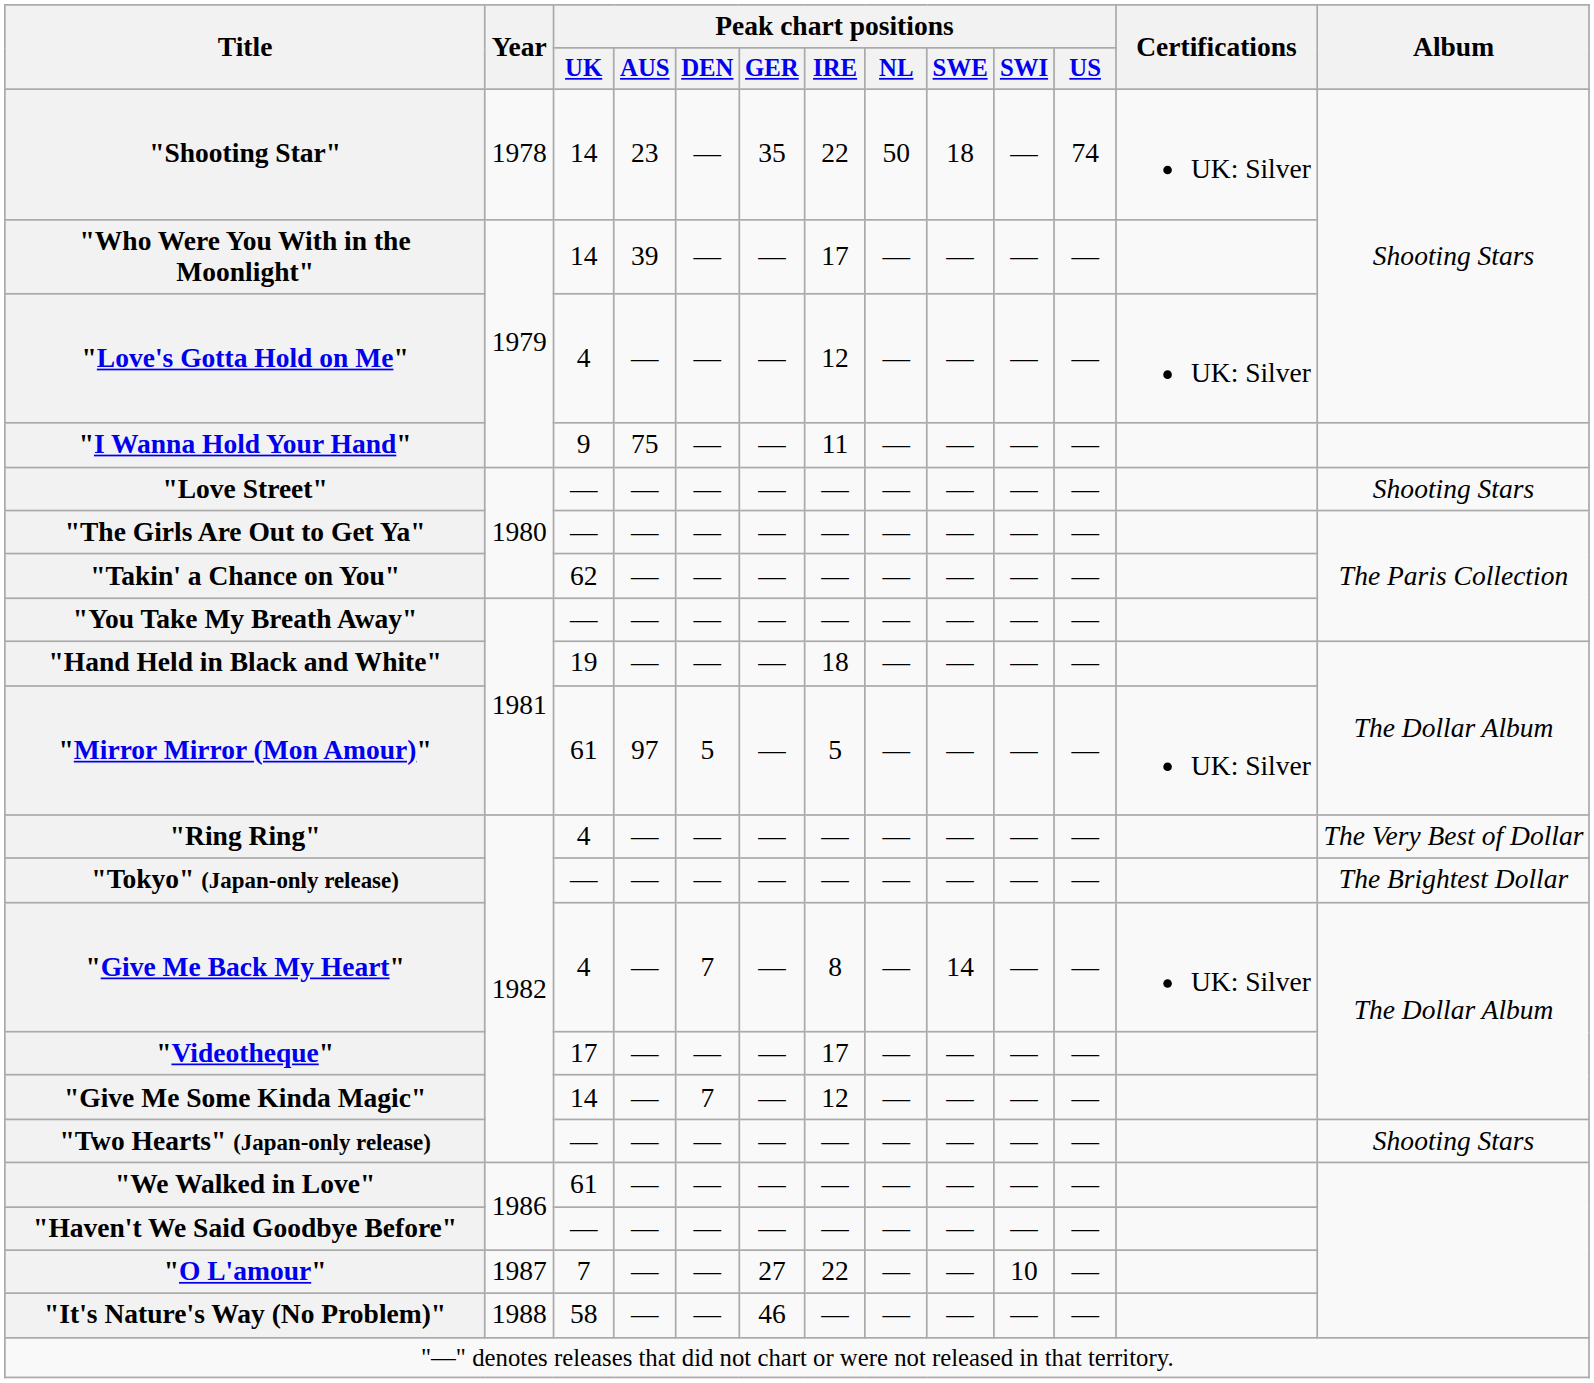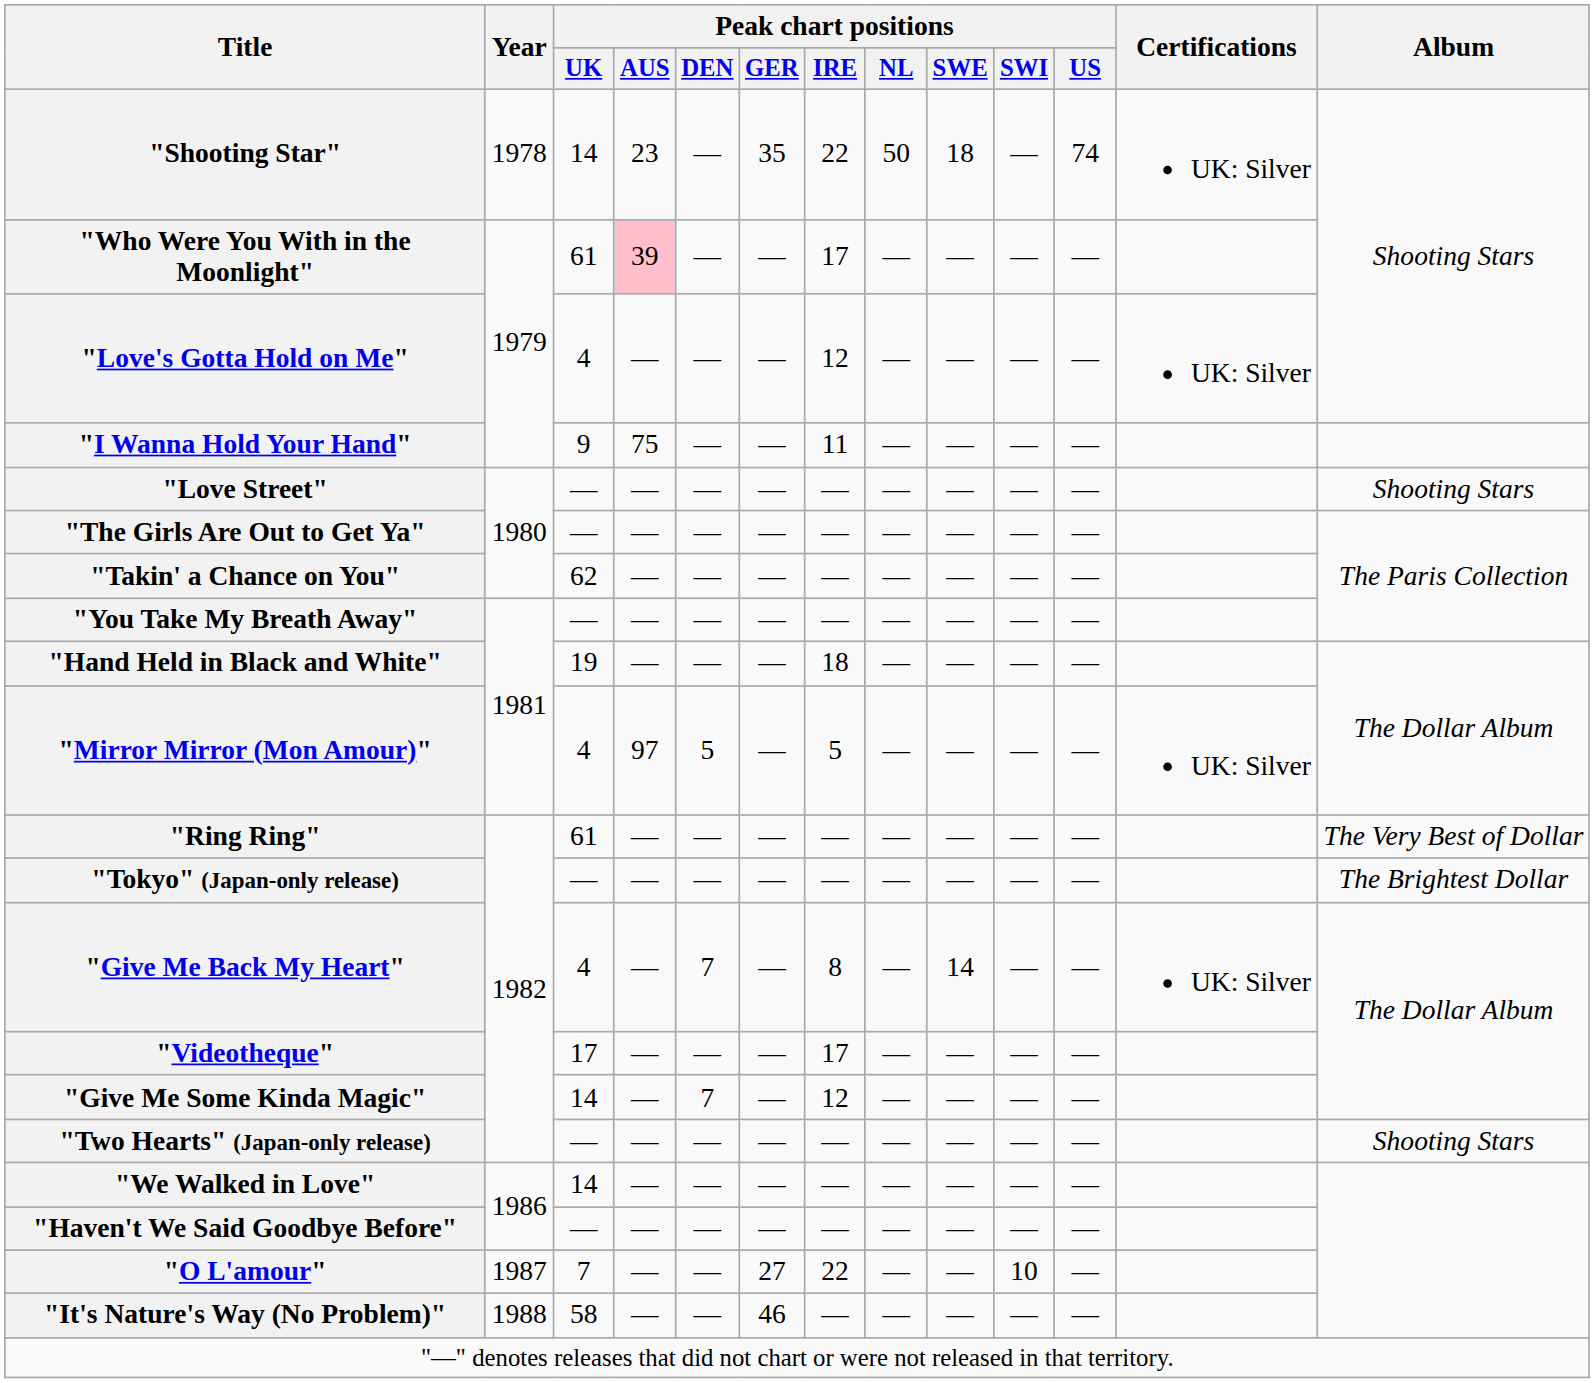 <table class="wikitable plainrowheaders" style="text-align:center;">
 <tr>
 <th rowspan="2" scope="col" style="width:17em;">Title</th>
 <th rowspan="2" scope="col" style="width:2em;">Year</th>
 <th colspan="9">Peak chart positions</th>
 <th rowspan="2">Certifications</th>
 <th rowspan="2">Album</th>
 </tr>
 <tr>
 <th scope="col" style="width:2em;font-size:90%;"><a href='#'>UK</a><br></th>
 <th scope="col" style="width:2em;font-size:90%;"><a href='#'>AUS</a><br></th>
 <th scope="col" style="width:2em;font-size:90%;"><a href='#'>DEN</a><br></th>
 <th scope="col" style="width:2em;font-size:90%;"><a href='#'>GER</a><br></th>
 <th scope="col" style="width:2em;font-size:90%;"><a href='#'>IRE</a><br></th>
 <th scope="col" style="width:2em;font-size:90%;"><a href='#'>NL</a><br></th>
 <th scope="col" style="width:2em;font-size:90%;"><a href='#'>SWE</a><br></th>
 <th scope="col" style="width:2em;font-size:90%;"><a href='#'>SWI</a><br></th>
 <th scope="col" style="width:2em;font-size:90%;"><a href='#'>US</a><br></th>
 </tr>
 <tr>
 <th scope="row">"Shooting Star"</th>
 <td>1978</td>
 <td>14</td>
 <td>23</td>
 <td>—</td>
 <td>35</td>
 <td>22</td>
 <td>50</td>
 <td>18</td>
 <td>—</td>
 <td>74</td>
 <td><br><ul><li>UK: Silver</li></ul></td>
 <td rowspan="3"><em>Shooting Stars</em></td>
 </tr>
 <tr>
 <th scope="row">"Who Were You With in the Moonlight"</th>
 <td rowspan="3">1979</td>
-<td>14</td>
-<td>39</td>
+<td>61</td>
+<td style="background: pink;">39</td>
 <td>—</td>
 <td>—</td>
 <td>17</td>
 <td>—</td>
 <td>—</td>
 <td>—</td>
 <td>—</td>
 <td></td>
 </tr>
 <tr>
 <th scope="row">"<a href='#'>Love's Gotta Hold on Me</a>"</th>
 <td>4</td>
 <td>—</td>
 <td>—</td>
 <td>—</td>
 <td>12</td>
 <td>—</td>
 <td>—</td>
 <td>—</td>
 <td>—</td>
 <td><br><ul><li>UK: Silver</li></ul></td>
 </tr>
 <tr>
 <th scope="row">"<a href='#'>I Wanna Hold Your Hand</a>"</th>
 <td>9</td>
 <td>75</td>
 <td>—</td>
 <td>—</td>
 <td>11</td>
 <td>—</td>
 <td>—</td>
 <td>—</td>
 <td>—</td>
 <td></td>
 <td></td>
 </tr>
 <tr>
 <th scope="row">"Love Street"</th>
 <td rowspan="3">1980</td>
 <td>—</td>
 <td>—</td>
 <td>—</td>
 <td>—</td>
 <td>—</td>
 <td>—</td>
 <td>—</td>
 <td>—</td>
 <td>—</td>
 <td></td>
 <td><em>Shooting Stars</em></td>
 </tr>
 <tr>
 <th scope="row">"The Girls Are Out to Get Ya"</th>
 <td>—</td>
 <td>—</td>
 <td>—</td>
 <td>—</td>
 <td>—</td>
 <td>—</td>
 <td>—</td>
 <td>—</td>
 <td>—</td>
 <td></td>
 <td rowspan="3"><em>The Paris Collection</em></td>
 </tr>
 <tr>
 <th scope="row">"Takin' a Chance on You"</th>
 <td>62</td>
 <td>—</td>
 <td>—</td>
 <td>—</td>
 <td>—</td>
 <td>—</td>
 <td>—</td>
 <td>—</td>
 <td>—</td>
 <td></td>
 </tr>
 <tr>
 <th scope="row">"You Take My Breath Away"</th>
 <td rowspan="3">1981</td>
 <td>—</td>
 <td>—</td>
 <td>—</td>
 <td>—</td>
 <td>—</td>
 <td>—</td>
 <td>—</td>
 <td>—</td>
 <td>—</td>
 <td></td>
 </tr>
 <tr>
 <th scope="row">"Hand Held in Black and White"</th>
 <td>19</td>
 <td>—</td>
 <td>—</td>
 <td>—</td>
 <td>18</td>
 <td>—</td>
 <td>—</td>
 <td>—</td>
 <td>—</td>
 <td></td>
 <td rowspan="2"><em>The Dollar Album</em></td>
 </tr>
 <tr>
 <th scope="row">"<a href='#'>Mirror Mirror (Mon Amour)</a>"</th>
-<td>61</td>
+<td>4</td>
 <td>97</td>
 <td>5</td>
 <td>—</td>
 <td>5</td>
 <td>—</td>
 <td>—</td>
 <td>—</td>
 <td>—</td>
 <td><br><ul><li>UK: Silver</li></ul></td>
 </tr>
 <tr>
 <th scope="row">"Ring Ring"</th>
 <td rowspan="6">1982</td>
-<td>4</td>
+<td>61</td>
 <td>—</td>
 <td>—</td>
 <td>—</td>
 <td>—</td>
 <td>—</td>
 <td>—</td>
 <td>—</td>
 <td>—</td>
 <td></td>
 <td><em>The Very Best of Dollar</em></td>
 </tr>
 <tr>
 <th scope="row">"Tokyo" <small>(Japan-only release)</small></th>
 <td>—</td>
 <td>—</td>
 <td>—</td>
 <td>—</td>
 <td>—</td>
 <td>—</td>
 <td>—</td>
 <td>—</td>
 <td>—</td>
 <td></td>
 <td><em>The Brightest Dollar</em></td>
 </tr>
 <tr>
 <th scope="row">"<a href='#'>Give Me Back My Heart</a>"</th>
 <td>4</td>
 <td>—</td>
 <td>7</td>
 <td>—</td>
 <td>8</td>
 <td>—</td>
 <td>14</td>
 <td>—</td>
 <td>—</td>
 <td><br><ul><li>UK: Silver</li></ul></td>
 <td rowspan="3"><em>The Dollar Album</em></td>
 </tr>
 <tr>
 <th scope="row">"<a href='#'>Videotheque</a>"</th>
 <td>17</td>
 <td>—</td>
 <td>—</td>
 <td>—</td>
 <td>17</td>
 <td>—</td>
 <td>—</td>
 <td>—</td>
 <td>—</td>
 <td></td>
 </tr>
 <tr>
 <th scope="row">"Give Me Some Kinda Magic"</th>
 <td>14</td>
 <td>—</td>
 <td>7</td>
 <td>—</td>
 <td>12</td>
 <td>—</td>
 <td>—</td>
 <td>—</td>
 <td>—</td>
 <td></td>
 </tr>
 <tr>
 <th scope="row">"Two Hearts" <small>(Japan-only release)</small></th>
 <td>—</td>
 <td>—</td>
 <td>—</td>
 <td>—</td>
 <td>—</td>
 <td>—</td>
 <td>—</td>
 <td>—</td>
 <td>—</td>
 <td></td>
 <td><em>Shooting Stars</em></td>
 </tr>
 <tr>
 <th scope="row">"We Walked in Love"</th>
 <td rowspan="2">1986</td>
-<td>61</td>
+<td>14</td>
 <td>—</td>
 <td>—</td>
 <td>—</td>
 <td>—</td>
 <td>—</td>
 <td>—</td>
 <td>—</td>
 <td>—</td>
 <td></td>
 </tr>
 <tr>
 <th scope="row">"Haven't We Said Goodbye Before"</th>
 <td>—</td>
 <td>—</td>
 <td>—</td>
 <td>—</td>
 <td>—</td>
 <td>—</td>
 <td>—</td>
 <td>—</td>
 <td>—</td>
 <td></td>
 </tr>
 <tr>
 <th scope="row">"<a href='#'>O L'amour</a>"</th>
 <td>1987</td>
 <td>7</td>
 <td>—</td>
 <td>—</td>
 <td>27</td>
 <td>22</td>
 <td>—</td>
 <td>—</td>
 <td>10</td>
 <td>—</td>
 <td></td>
 </tr>
 <tr>
 <th scope="row">"It's Nature's Way (No Problem)"</th>
 <td>1988</td>
 <td>58</td>
 <td>—</td>
 <td>—</td>
 <td>46</td>
 <td>—</td>
 <td>—</td>
 <td>—</td>
 <td>—</td>
 <td>—</td>
 <td></td>
 </tr>
 <tr>
 <td colspan="13" style="font-size:90%">"—" denotes releases that did not chart or were not released in that territory.</td>
 </tr>
 </table>
